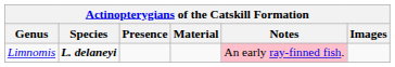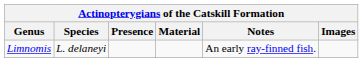 <table class="wikitable" align="center">
 <tr>
 <th colspan="6" align="center"><a href='#'>Actinopterygians</a> of the Catskill Formation</th>
 </tr>
 <tr>
 <th>Genus</th>
 <th>Species</th>
 <th>Presence</th>
 <th>Material</th>
 <th>Notes</th>
 <th>Images</th>
 </tr>
 <tr>
 <td><em><a href='#'>Limnomis</a></em></td>
-<td><strong><em>L. delaneyi</em></strong></td>
+<td><em>L. delaneyi</em></td>
 <td></td>
 <td></td>
-<td style="background: pink;">An early <a href='#'>ray-finned fish</a>.</td>
+<td>An early <a href='#'>ray-finned fish</a>.</td>
 <td></td>
 </tr>
 </table>
